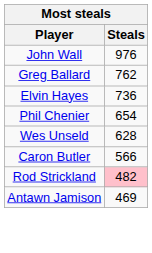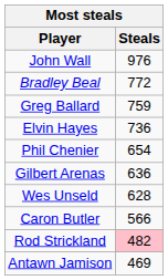 <table class="wikitable sortable" style="text-align:center">
 <tr>
 <th colspan="2" style="text-align:center; ">Most steals</th>
 </tr>
 <tr>
 <th style="text-align:center; ">Player</th>
 <th style="text-align:center; ">Steals</th>
 </tr>
 <tr>
 <td><a href='#'>John Wall</a></td>
 <td>976</td>
 </tr>
 <tr>
+<td><em><a href='#'>Bradley Beal</a></em></td>
+<td>772</td>
+</tr>
+<tr>
 <td><a href='#'>Greg Ballard</a></td>
-<td>762</td>
+<td>759</td>
 </tr>
 <tr>
 <td><a href='#'>Elvin Hayes</a></td>
 <td>736</td>
 </tr>
 <tr>
 <td><a href='#'>Phil Chenier</a></td>
 <td>654</td>
+</tr>
+<tr>
+<td><a href='#'>Gilbert Arenas</a></td>
+<td>636</td>
 </tr>
 <tr>
 <td><a href='#'>Wes Unseld</a></td>
 <td>628</td>
 </tr>
 <tr>
 <td><a href='#'>Caron Butler</a></td>
 <td>566</td>
 </tr>
 <tr>
 <td><a href='#'>Rod Strickland</a></td>
 <td style="background: pink;">482</td>
 </tr>
 <tr>
 <td><a href='#'>Antawn Jamison</a></td>
 <td>469</td>
 </tr>
 </table>
